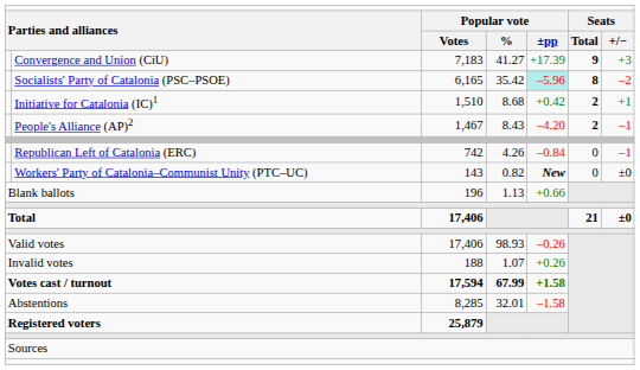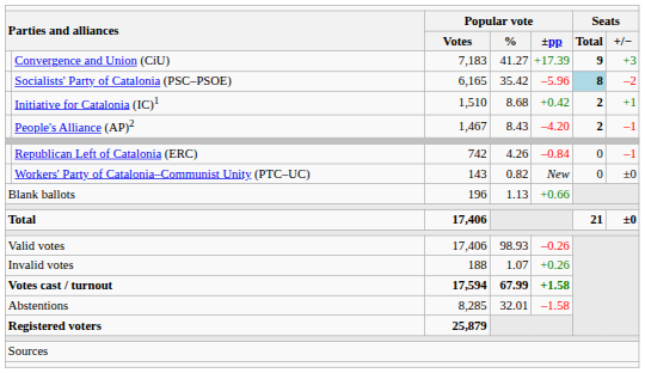 <table class="wikitable" style="text-align:right;">
 <tr>
 <td colspan="7"></td>
 </tr>
 <tr>
 <th style="text-align:left;" rowspan="2" colspan="2" width="525">Parties and alliances</th>
 <th colspan="3">Popular vote</th>
 <th colspan="2">Seats</th>
 </tr>
 <tr>
 <th width="75">Votes</th>
 <th width="45">%</th>
 <th width="45">±<a href='#'>pp</a></th>
 <th width="35">Total</th>
 <th width="35">+/−</th>
 </tr>
 <tr>
 <td width="1" style="color:inherit;background:"></td>
 <td align="left"><a href='#'>Convergence and Union</a> (CiU)</td>
 <td>7,183</td>
 <td>41.27</td>
 <td style="color:green;">+17.39</td>
 <td><strong>9</strong></td>
 <td style="color:green;">+3</td>
 </tr>
 <tr>
 <td style="color:inherit;background:"></td>
 <td align="left"><a href='#'>Socialists' Party of Catalonia</a> (PSC–PSOE)</td>
 <td>6,165</td>
 <td>35.42</td>
-<td style="background: paleturquoise; color:red;">–5.96</td>
-<td><strong>8</strong></td>
+<td style="color:red;">–5.96</td>
+<td style="background: lightblue;"><strong>8</strong></td>
 <td style="color:red;">–2</td>
 </tr>
 <tr>
 <td style="color:inherit;background:"></td>
 <td align="left"><a href='#'>Initiative for Catalonia</a> (IC)<sup>1</sup></td>
 <td>1,510</td>
 <td>8.68</td>
 <td style="color:green;">+0.42</td>
 <td><strong>2</strong></td>
 <td style="color:green;">+1</td>
 </tr>
 <tr>
 <td style="color:inherit;background:"></td>
 <td align="left"><a href='#'>People's Alliance</a> (AP)<sup>2</sup></td>
 <td>1,467</td>
 <td>8.43</td>
 <td style="color:red;">–4.20</td>
 <td><strong>2</strong></td>
 <td style="color:red;">–1</td>
 </tr>
 <tr>
 <td colspan="7" style="color:inherit;background:#C0C0C0"></td>
 </tr>
 <tr>
 <td style="color:inherit;background:"></td>
 <td align="left"><a href='#'>Republican Left of Catalonia</a> (ERC)</td>
 <td>742</td>
 <td>4.26</td>
 <td style="color:red;">–0.84</td>
 <td>0</td>
 <td style="color:red;">–1</td>
 </tr>
 <tr>
 <td style="color:inherit;background:"></td>
 <td align="left"><a href='#'>Workers' Party of Catalonia–Communist Unity</a> (PTC–UC)</td>
 <td>143</td>
 <td>0.82</td>
-<td><strong><em>New</em></strong></td>
+<td><em>New</em></td>
 <td>0</td>
 <td>±0</td>
 </tr>
 <tr>
 <td align="left" colspan="2">Blank ballots</td>
 <td>196</td>
 <td>1.13</td>
 <td style="color:green;">+0.66</td>
 <td style="color:inherit;background:#E9E9E9" colspan="2"></td>
 </tr>
 <tr>
 <td colspan="7" style="color:inherit;background:#E9E9E9"></td>
 </tr>
 <tr style="font-weight:bold;">
 <td align="left" colspan="2">Total</td>
 <td>17,406</td>
 <td bgcolor="#E9E9E9" colspan="2"></td>
 <td>21</td>
 <td>±0</td>
 </tr>
 <tr>
 <td colspan="7" style="color:inherit;background:#E9E9E9"></td>
 </tr>
 <tr>
 <td align="left" colspan="2">Valid votes</td>
 <td>17,406</td>
 <td>98.93</td>
 <td style="color:red;">–0.26</td>
 <td bgcolor="#E9E9E9" colspan="2" rowspan="5"></td>
 </tr>
 <tr>
 <td align="left" colspan="2">Invalid votes</td>
 <td>188</td>
 <td>1.07</td>
 <td style="color:green;">+0.26</td>
 </tr>
 <tr style="font-weight:bold;">
 <td align="left" colspan="2">Votes cast / turnout</td>
 <td>17,594</td>
 <td>67.99</td>
 <td style="color:green;">+1.58</td>
 </tr>
 <tr>
 <td align="left" colspan="2">Abstentions</td>
 <td>8,285</td>
 <td>32.01</td>
 <td style="color:red;">–1.58</td>
 </tr>
 <tr style="font-weight:bold;">
 <td align="left" colspan="2">Registered voters</td>
 <td>25,879</td>
 <td bgcolor="#E9E9E9" colspan="2"></td>
 </tr>
 <tr>
 <td colspan="7" style="color:inherit;background:#E9E9E9"></td>
 </tr>
 <tr>
 <td align="left" colspan="7">Sources</td>
 </tr>
 <tr>
 <td colspan="7" style="text-align:left; max-width:790px;"></td>
 </tr>
 </table>
